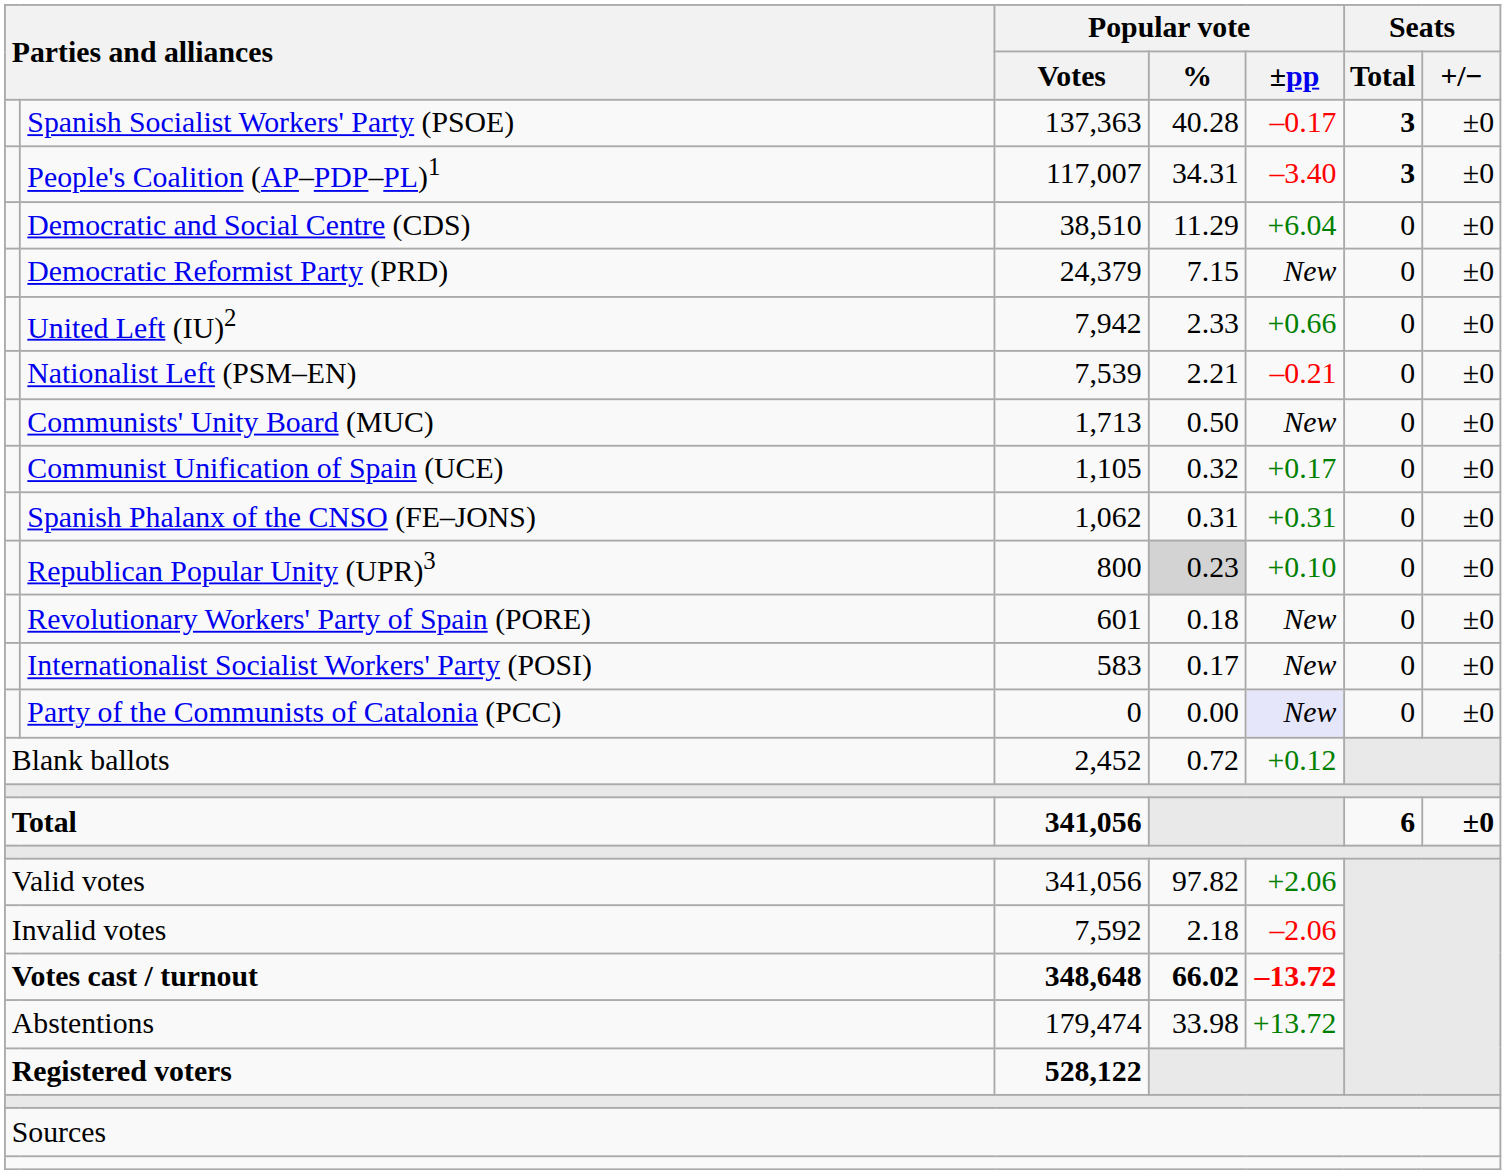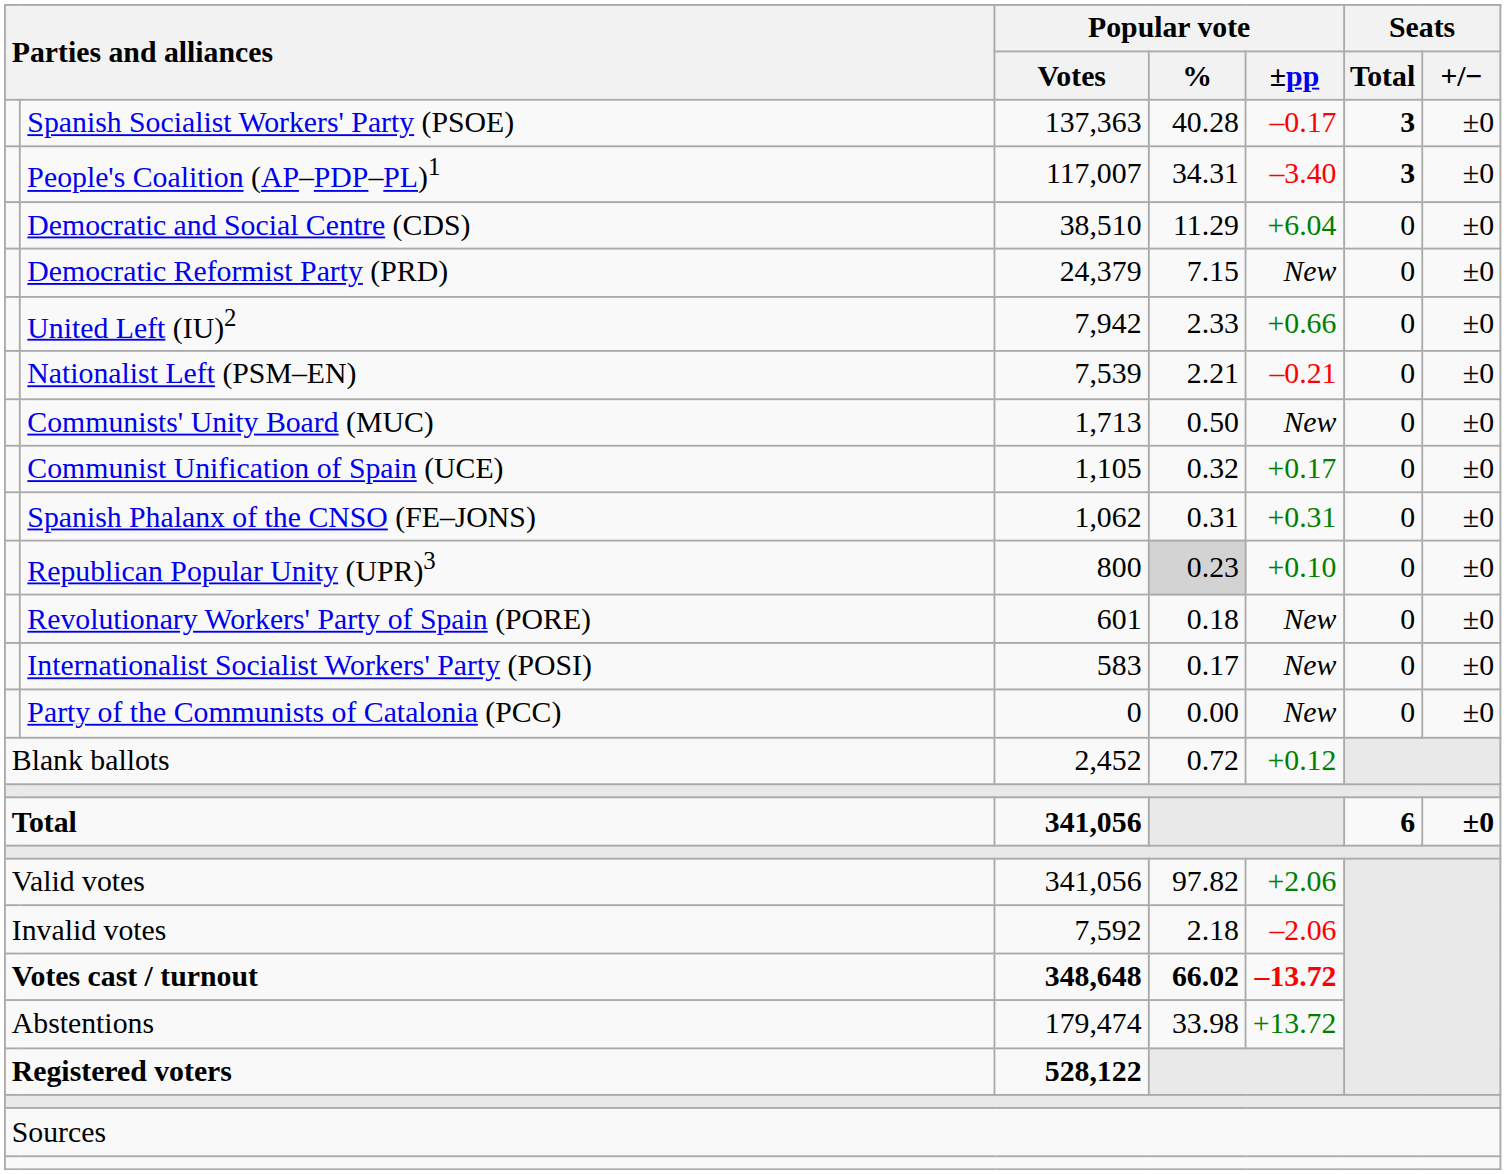 <table class="wikitable" style="text-align:right;">
 <tr>
 <th style="text-align:left;" rowspan="2" colspan="2" width="525">Parties and alliances</th>
 <th colspan="3">Popular vote</th>
 <th colspan="2">Seats</th>
 </tr>
 <tr>
 <th width="75">Votes</th>
 <th width="45">%</th>
 <th width="45">±<a href='#'>pp</a></th>
 <th width="35">Total</th>
 <th width="35">+/−</th>
 </tr>
 <tr>
 <td width="1" style="color:inherit;background:"></td>
 <td align="left"><a href='#'>Spanish Socialist Workers' Party</a> (PSOE)</td>
 <td>137,363</td>
 <td>40.28</td>
 <td style="color:red;">–0.17</td>
 <td><strong>3</strong></td>
 <td>±0</td>
 </tr>
 <tr>
 <td style="color:inherit;background:"></td>
 <td align="left"><a href='#'>People's Coalition</a> (<a href='#'>AP</a>–<a href='#'>PDP</a>–<a href='#'>PL</a>)<sup>1</sup></td>
 <td>117,007</td>
 <td>34.31</td>
 <td style="color:red;">–3.40</td>
 <td><strong>3</strong></td>
 <td>±0</td>
 </tr>
 <tr>
 <td style="color:inherit;background:"></td>
 <td align="left"><a href='#'>Democratic and Social Centre</a> (CDS)</td>
 <td>38,510</td>
 <td>11.29</td>
 <td style="color:green;">+6.04</td>
 <td>0</td>
 <td>±0</td>
 </tr>
 <tr>
 <td style="color:inherit;background:"></td>
 <td align="left"><a href='#'>Democratic Reformist Party</a> (PRD)</td>
 <td>24,379</td>
 <td>7.15</td>
 <td><em>New</em></td>
 <td>0</td>
 <td>±0</td>
 </tr>
 <tr>
 <td style="color:inherit;background:"></td>
 <td align="left"><a href='#'>United Left</a> (IU)<sup>2</sup></td>
 <td>7,942</td>
 <td>2.33</td>
 <td style="color:green;">+0.66</td>
 <td>0</td>
 <td>±0</td>
 </tr>
 <tr>
 <td style="color:inherit;background:"></td>
 <td align="left"><a href='#'>Nationalist Left</a> (PSM–EN)</td>
 <td>7,539</td>
 <td>2.21</td>
 <td style="color:red;">–0.21</td>
 <td>0</td>
 <td>±0</td>
 </tr>
 <tr>
 <td style="color:inherit;background:"></td>
 <td align="left"><a href='#'>Communists' Unity Board</a> (MUC)</td>
 <td>1,713</td>
 <td>0.50</td>
 <td><em>New</em></td>
 <td>0</td>
 <td>±0</td>
 </tr>
 <tr>
 <td style="color:inherit;background:"></td>
 <td align="left"><a href='#'>Communist Unification of Spain</a> (UCE)</td>
 <td>1,105</td>
 <td>0.32</td>
 <td style="color:green;">+0.17</td>
 <td>0</td>
 <td>±0</td>
 </tr>
 <tr>
 <td style="color:inherit;background:"></td>
 <td align="left"><a href='#'>Spanish Phalanx of the CNSO</a> (FE–JONS)</td>
 <td>1,062</td>
 <td>0.31</td>
 <td style="color:green;">+0.31</td>
 <td>0</td>
 <td>±0</td>
 </tr>
 <tr>
 <td style="color:inherit;background:"></td>
 <td align="left"><a href='#'>Republican Popular Unity</a> (UPR)<sup>3</sup></td>
 <td>800</td>
 <td style="background: lightgrey;">0.23</td>
 <td style="color:green;">+0.10</td>
 <td>0</td>
 <td>±0</td>
 </tr>
 <tr>
 <td style="color:inherit;background:"></td>
 <td align="left"><a href='#'>Revolutionary Workers' Party of Spain</a> (PORE)</td>
 <td>601</td>
 <td>0.18</td>
 <td><em>New</em></td>
 <td>0</td>
 <td>±0</td>
 </tr>
 <tr>
 <td style="color:inherit;background:"></td>
 <td align="left"><a href='#'>Internationalist Socialist Workers' Party</a> (POSI)</td>
 <td>583</td>
 <td>0.17</td>
 <td><em>New</em></td>
 <td>0</td>
 <td>±0</td>
 </tr>
 <tr>
 <td style="color:inherit;background:"></td>
 <td align="left"><a href='#'>Party of the Communists of Catalonia</a> (PCC)</td>
 <td>0</td>
 <td>0.00</td>
-<td style="background: lavender;"><em>New</em></td>
+<td><em>New</em></td>
 <td>0</td>
 <td>±0</td>
 </tr>
 <tr>
 <td align="left" colspan="2">Blank ballots</td>
 <td>2,452</td>
 <td>0.72</td>
 <td style="color:green;">+0.12</td>
 <td bgcolor="#E9E9E9" colspan="2"></td>
 </tr>
 <tr>
 <td colspan="7" bgcolor="#E9E9E9"></td>
 </tr>
 <tr style="font-weight:bold;">
 <td align="left" colspan="2">Total</td>
 <td>341,056</td>
 <td bgcolor="#E9E9E9" colspan="2"></td>
 <td>6</td>
 <td>±0</td>
 </tr>
 <tr>
 <td colspan="7" bgcolor="#E9E9E9"></td>
 </tr>
 <tr>
 <td align="left" colspan="2">Valid votes</td>
 <td>341,056</td>
 <td>97.82</td>
 <td style="color:green;">+2.06</td>
 <td bgcolor="#E9E9E9" colspan="2" rowspan="5"></td>
 </tr>
 <tr>
 <td align="left" colspan="2">Invalid votes</td>
 <td>7,592</td>
 <td>2.18</td>
 <td style="color:red;">–2.06</td>
 </tr>
 <tr style="font-weight:bold;">
 <td align="left" colspan="2">Votes cast / turnout</td>
 <td>348,648</td>
 <td>66.02</td>
 <td style="color:red;">–13.72</td>
 </tr>
 <tr>
 <td align="left" colspan="2">Abstentions</td>
 <td>179,474</td>
 <td>33.98</td>
 <td style="color:green;">+13.72</td>
 </tr>
 <tr style="font-weight:bold;">
 <td align="left" colspan="2">Registered voters</td>
 <td>528,122</td>
 <td bgcolor="#E9E9E9" colspan="2"></td>
 </tr>
 <tr>
 <td colspan="7" bgcolor="#E9E9E9"></td>
 </tr>
 <tr>
 <td align="left" colspan="7">Sources</td>
 </tr>
 <tr>
 <td colspan="7" style="text-align:left; max-width:790px;"></td>
 </tr>
 </table>
